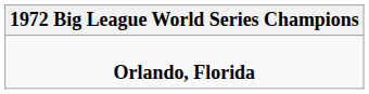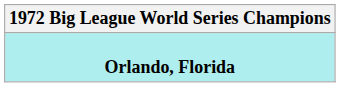 <table class="wikitable" style="text-align: center; margin: 0 auto;">
 <tr>
 <th>1972 Big League World Series Champions</th>
 </tr>
 <tr>
-<td><br><strong>Orlando, Florida</strong></td>
+<td style="background: paleturquoise;"><br><strong>Orlando, Florida</strong></td>
 </tr>
 </table>
